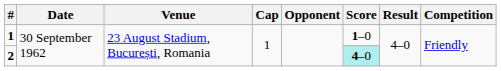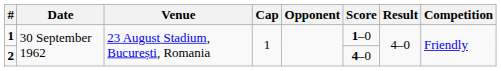 <table class="wikitable">
 <tr>
 <th>#</th>
 <th>Date</th>
 <th>Venue</th>
 <th>Cap</th>
 <th>Opponent</th>
 <th>Score</th>
 <th>Result</th>
 <th>Competition</th>
 </tr>
 <tr>
 <td align="center"><strong>1</strong></td>
 <td rowspan="2">30 September 1962</td>
 <td rowspan="2"><a href='#'>23 August Stadium</a>, <a href='#'>București</a>, Romania</td>
 <td rowspan="2" align=center>1</td>
 <td rowspan="2"></td>
 <td align="center"><strong>1</strong>–0</td>
 <td rowspan="2" align="center">4–0</td>
 <td rowspan="2"><a href='#'>Friendly</a></td>
 </tr>
 <tr>
 <td align="center"><strong>2</strong></td>
-<td align="center" style="background: paleturquoise;"><strong>4</strong>–0</td>
+<td align="center"><strong>4</strong>–0</td>
 </tr>
 </table>
